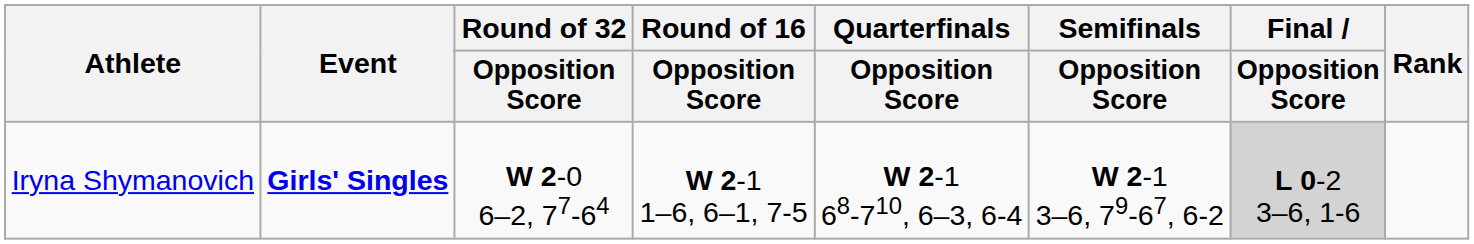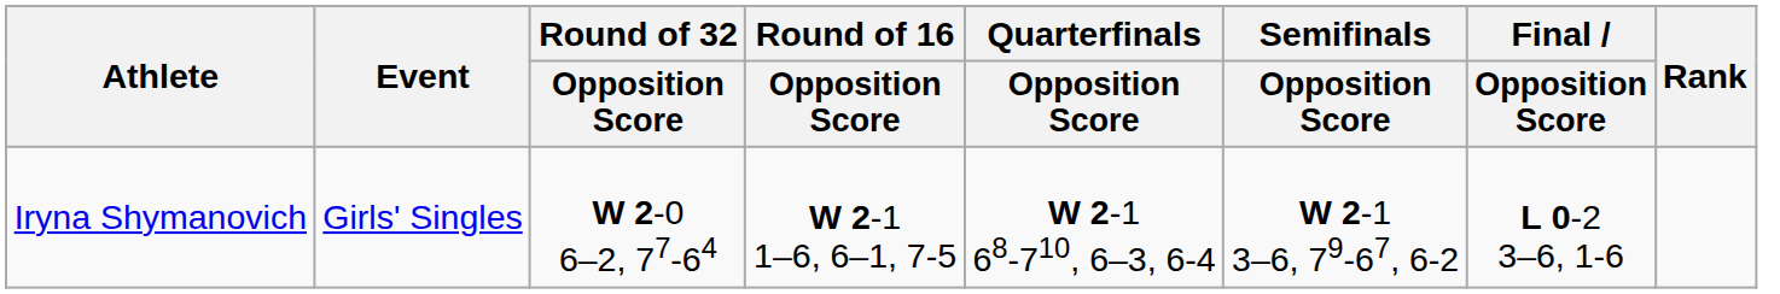 <table class=wikitable style="font-size:90%">
 <tr>
 <th rowspan="2">Athlete</th>
 <th rowspan="2">Event</th>
 <th>Round of 32</th>
 <th>Round of 16</th>
 <th>Quarterfinals</th>
 <th>Semifinals</th>
 <th>Final / </th>
 <th rowspan=2>Rank</th>
 </tr>
 <tr style="font-size:95%">
 <th>Opposition<br>Score</th>
 <th>Opposition<br>Score</th>
 <th>Opposition<br>Score</th>
 <th>Opposition<br>Score</th>
 <th>Opposition<br>Score</th>
 </tr>
 <tr align=center>
 <td align=left><a href='#'>Iryna Shymanovich</a></td>
-<td align=left><strong><a href='#'>Girls' Singles</a></strong></td>
+<td align=left><a href='#'>Girls' Singles</a></td>
 <td><br><strong>W</strong> <strong>2</strong>-0 <br> 6–2, 7<sup>7</sup>-6<sup>4</sup></td>
 <td><br><strong>W</strong> <strong>2</strong>-1 <br> 1–6, 6–1, 7-5</td>
 <td><br><strong>W</strong> <strong>2</strong>-1 <br> 6<sup>8</sup>-7<sup>10</sup>, 6–3, 6-4</td>
 <td><br><strong>W</strong> <strong>2</strong>-1 <br> 3–6, 7<sup>9</sup>-6<sup>7</sup>, 6-2</td>
-<td style="background: lightgrey;"><br><strong>L</strong> <strong>0</strong>-2 <br> 3–6, 1-6</td>
+<td><br><strong>L</strong> <strong>0</strong>-2 <br> 3–6, 1-6</td>
 <td></td>
 </tr>
 </table>
